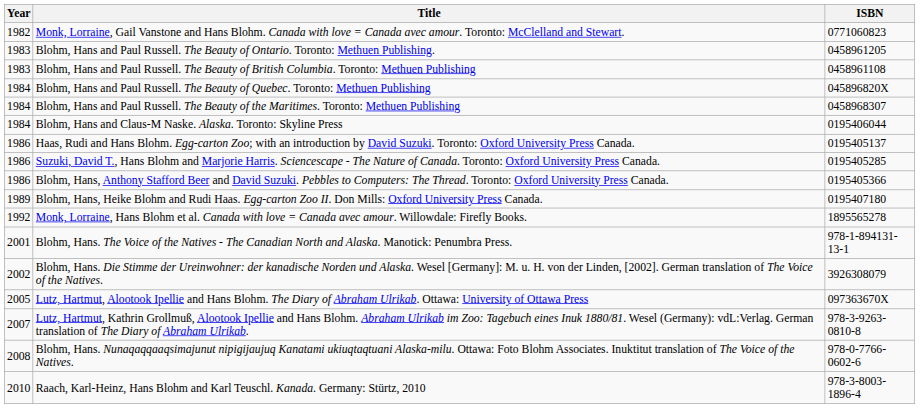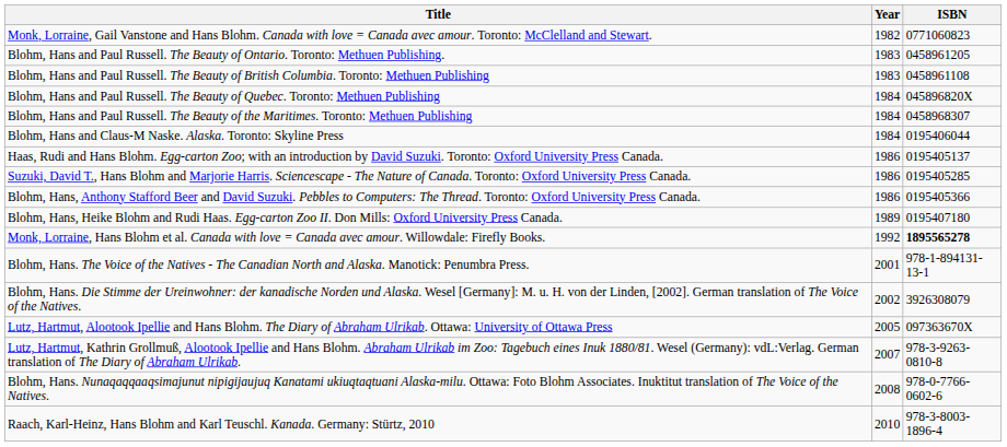 <table class="wikitable">
 <tr>
+<th>Title</th>
 <th>Year</th>
-<th>Title</th>
 <th>ISBN</th>
 </tr>
 <tr>
+<td style="text-align:left;"><a href='#'>Monk, Lorraine</a>, Gail Vanstone and Hans Blohm. <em>Canada with love = Canada avec amour</em>. Toronto: <a href='#'>McClelland and Stewart</a>.</td>
 <td>1982</td>
-<td style="text-align:left;"><a href='#'>Monk, Lorraine</a>, Gail Vanstone and Hans Blohm. <em>Canada with love = Canada avec amour</em>. Toronto: <a href='#'>McClelland and Stewart</a>.</td>
 <td style="text-align:left;">0771060823</td>
 </tr>
 <tr>
+<td style="text-align:left;">Blohm, Hans and Paul Russell. <em>The Beauty of Ontario</em>. Toronto: <a href='#'>Methuen Publishing</a>.</td>
 <td>1983</td>
-<td style="text-align:left;">Blohm, Hans and Paul Russell. <em>The Beauty of Ontario</em>. Toronto: <a href='#'>Methuen Publishing</a>.</td>
 <td style="text-align:left;">0458961205</td>
 </tr>
 <tr>
+<td style="text-align:left;">Blohm, Hans and Paul Russell. <em>The Beauty of British Columbia</em>. Toronto: <a href='#'>Methuen Publishing</a></td>
 <td>1983</td>
-<td style="text-align:left;">Blohm, Hans and Paul Russell. <em>The Beauty of British Columbia</em>. Toronto: <a href='#'>Methuen Publishing</a></td>
 <td style="text-align:left;">0458961108</td>
 </tr>
 <tr>
+<td style="text-align:left;">Blohm, Hans and Paul Russell. <em>The Beauty of Quebec</em>. Toronto: <a href='#'>Methuen Publishing</a></td>
 <td>1984</td>
-<td style="text-align:left;">Blohm, Hans and Paul Russell. <em>The Beauty of Quebec</em>. Toronto: <a href='#'>Methuen Publishing</a></td>
 <td style="text-align:left;">045896820X</td>
 </tr>
 <tr>
+<td style="text-align:left;">Blohm, Hans and Paul Russell. <em>The Beauty of the Maritimes</em>. Toronto: <a href='#'>Methuen Publishing</a></td>
 <td>1984</td>
-<td style="text-align:left;">Blohm, Hans and Paul Russell. <em>The Beauty of the Maritimes</em>. Toronto: <a href='#'>Methuen Publishing</a></td>
 <td style="text-align:left;">0458968307</td>
 </tr>
 <tr>
+<td style="text-align:left;">Blohm, Hans and Claus-M Naske. <em>Alaska</em>. Toronto: Skyline Press</td>
 <td>1984</td>
-<td style="text-align:left;">Blohm, Hans and Claus-M Naske. <em>Alaska</em>. Toronto: Skyline Press</td>
 <td style="text-align:left;">0195406044</td>
 </tr>
 <tr>
+<td style="text-align:left;">Haas, Rudi and Hans Blohm. <em>Egg-carton Zoo</em>; with an introduction by <a href='#'>David Suzuki</a>. Toronto: <a href='#'>Oxford University Press</a> Canada.</td>
 <td>1986</td>
-<td style="text-align:left;">Haas, Rudi and Hans Blohm. <em>Egg-carton Zoo</em>; with an introduction by <a href='#'>David Suzuki</a>. Toronto: <a href='#'>Oxford University Press</a> Canada.</td>
 <td style="text-align:left;">0195405137</td>
 </tr>
 <tr>
+<td style="text-align:left;"><a href='#'>Suzuki, David T.</a>, Hans Blohm and <a href='#'>Marjorie Harris</a>. <em>Sciencescape - The Nature of Canada</em>. Toronto: <a href='#'>Oxford University Press</a> Canada.</td>
 <td>1986</td>
-<td style="text-align:left;"><a href='#'>Suzuki, David T.</a>, Hans Blohm and <a href='#'>Marjorie Harris</a>. <em>Sciencescape - The Nature of Canada</em>. Toronto: <a href='#'>Oxford University Press</a> Canada.</td>
 <td style="text-align:left;">0195405285</td>
 </tr>
 <tr>
+<td style="text-align:left;">Blohm, Hans, <a href='#'>Anthony Stafford Beer</a> and <a href='#'>David Suzuki</a>. <em>Pebbles to Computers: The Thread</em>. Toronto: <a href='#'>Oxford University Press</a> Canada.</td>
 <td>1986</td>
-<td style="text-align:left;">Blohm, Hans, <a href='#'>Anthony Stafford Beer</a> and <a href='#'>David Suzuki</a>. <em>Pebbles to Computers: The Thread</em>. Toronto: <a href='#'>Oxford University Press</a> Canada.</td>
 <td style="text-align:left;">0195405366</td>
 </tr>
 <tr>
+<td style="text-align:left;">Blohm, Hans, Heike Blohm and Rudi Haas. <em>Egg-carton Zoo II</em>. Don Mills: <a href='#'>Oxford University Press</a> Canada.</td>
 <td>1989</td>
-<td style="text-align:left;">Blohm, Hans, Heike Blohm and Rudi Haas. <em>Egg-carton Zoo II</em>. Don Mills: <a href='#'>Oxford University Press</a> Canada.</td>
 <td style="text-align:left;">0195407180</td>
 </tr>
 <tr>
+<td style="text-align:left;"><a href='#'>Monk, Lorraine</a>, Hans Blohm et al. <em>Canada with love = Canada avec amour</em>. Willowdale: Firefly Books.</td>
 <td>1992</td>
-<td style="text-align:left;"><a href='#'>Monk, Lorraine</a>, Hans Blohm et al. <em>Canada with love = Canada avec amour</em>. Willowdale: Firefly Books.</td>
-<td style="text-align:left;">1895565278</td>
+<td style="text-align:left;"><strong>1895565278</strong></td>
 </tr>
 <tr>
+<td style="text-align:left;">Blohm, Hans. <em>The Voice of the Natives - The Canadian North and Alaska</em>. Manotick: Penumbra Press.</td>
 <td>2001</td>
-<td style="text-align:left;">Blohm, Hans. <em>The Voice of the Natives - The Canadian North and Alaska</em>. Manotick: Penumbra Press.</td>
 <td style="text-align:left;">978-1-894131-13-1</td>
 </tr>
 <tr>
+<td style="text-align:left;">Blohm, Hans. <em>Die Stimme der Ureinwohner: der kanadische Norden und Alaska</em>. Wesel [Germany]: M. u. H. von der Linden, [2002]. German translation of <em>The Voice of the Natives</em>.</td>
 <td>2002</td>
-<td style="text-align:left;">Blohm, Hans. <em>Die Stimme der Ureinwohner: der kanadische Norden und Alaska</em>. Wesel [Germany]: M. u. H. von der Linden, [2002]. German translation of <em>The Voice of the Natives</em>.</td>
 <td style="text-align:left;">3926308079</td>
 </tr>
 <tr>
+<td style="text-align:left;"><a href='#'>Lutz, Hartmut</a>, <a href='#'>Alootook Ipellie</a> and Hans Blohm. <em>The Diary of <a href='#'>Abraham Ulrikab</a></em>. Ottawa: <a href='#'>University of Ottawa Press</a></td>
 <td>2005</td>
-<td style="text-align:left;"><a href='#'>Lutz, Hartmut</a>, <a href='#'>Alootook Ipellie</a> and Hans Blohm. <em>The Diary of <a href='#'>Abraham Ulrikab</a></em>. Ottawa: <a href='#'>University of Ottawa Press</a></td>
 <td style="text-align:left;">097363670X</td>
 </tr>
 <tr>
+<td style="text-align:left;"><a href='#'>Lutz, Hartmut</a>, Kathrin Grollmuß, <a href='#'>Alootook Ipellie</a> and Hans Blohm. <em><a href='#'>Abraham Ulrikab</a> im Zoo: Tagebuch eines Inuk 1880/81</em>. Wesel (Germany): vdL:Verlag. German translation of <em>The Diary of <a href='#'>Abraham Ulrikab</a></em>.</td>
 <td>2007</td>
-<td style="text-align:left;"><a href='#'>Lutz, Hartmut</a>, Kathrin Grollmuß, <a href='#'>Alootook Ipellie</a> and Hans Blohm. <em><a href='#'>Abraham Ulrikab</a> im Zoo: Tagebuch eines Inuk 1880/81</em>. Wesel (Germany): vdL:Verlag. German translation of <em>The Diary of <a href='#'>Abraham Ulrikab</a></em>.</td>
 <td style="text-align:left;">978-3-9263-0810-8</td>
 </tr>
 <tr>
+<td style="text-align:left;">Blohm, Hans. <em>Nunaqaqqaaqsimajunut nipigijaujuq Kanatami ukiuqtaqtuani Alaska-milu</em>. Ottawa: Foto Blohm Associates.  Inuktitut translation of <em>The Voice of the Natives</em>.</td>
 <td>2008</td>
-<td style="text-align:left;">Blohm, Hans. <em>Nunaqaqqaaqsimajunut nipigijaujuq Kanatami ukiuqtaqtuani Alaska-milu</em>. Ottawa: Foto Blohm Associates.  Inuktitut translation of <em>The Voice of the Natives</em>.</td>
 <td style="text-align:left;">978-0-7766-0602-6</td>
 </tr>
 <tr>
+<td style="text-align:left;">Raach, Karl-Heinz, Hans Blohm and Karl Teuschl. <em>Kanada</em>. Germany: Stürtz, 2010</td>
 <td>2010</td>
-<td style="text-align:left;">Raach, Karl-Heinz, Hans Blohm and Karl Teuschl. <em>Kanada</em>. Germany: Stürtz, 2010</td>
 <td style="text-align:left;">978-3-8003-1896-4</td>
 </tr>
 </table>
